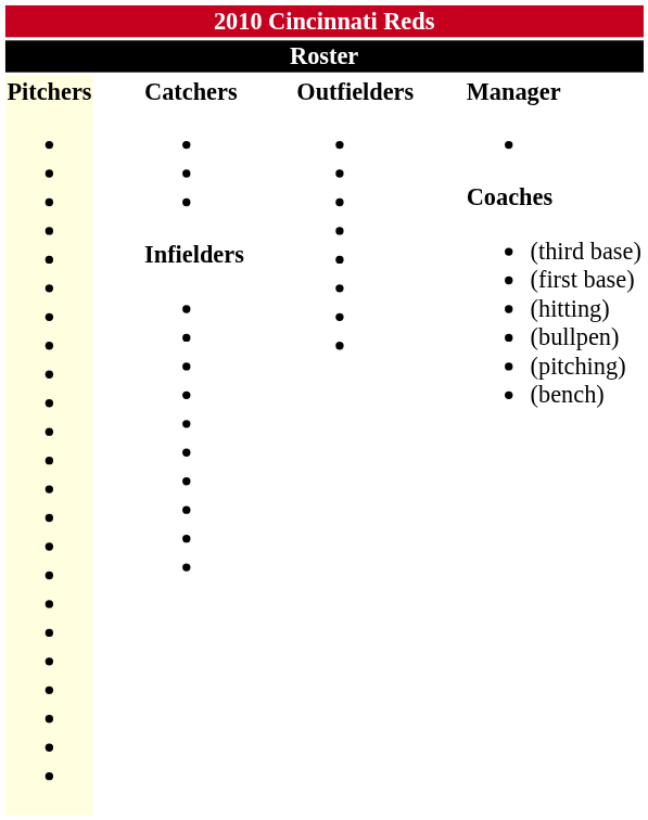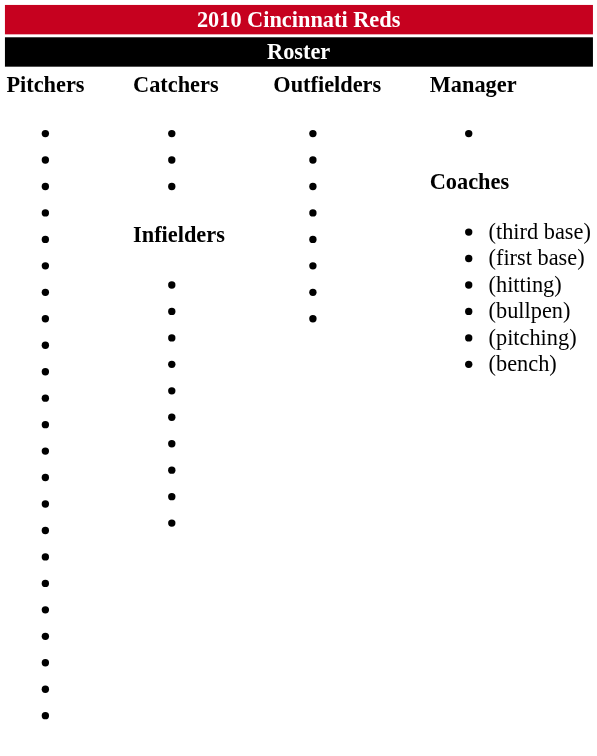 <table class="toccolours" style="font-size: 95%;">
 <tr>
 <th colspan="10" style="background-color: #c6011f; color: #FFFFFF; text-align: center;">2010 Cincinnati Reds</th>
 </tr>
 <tr>
 <td colspan="10" style="background-color: black; color: #FFFFFF; text-align: center;"><strong>Roster</strong></td>
 </tr>
 <tr>
-<td valign="top" style="background: lightyellow;"><strong>Pitchers</strong><br><ul><li></li><li></li><li></li><li></li><li></li><li></li><li></li><li></li><li></li><li></li><li></li><li></li><li></li><li></li><li></li><li></li><li></li><li></li><li></li><li></li><li></li><li></li><li></li></ul></td>
+<td valign="top"><strong>Pitchers</strong><br><ul><li></li><li></li><li></li><li></li><li></li><li></li><li></li><li></li><li></li><li></li><li></li><li></li><li></li><li></li><li></li><li></li><li></li><li></li><li></li><li></li><li></li><li></li><li></li></ul></td>
 <td width="25px"></td>
 <td valign="top"><strong>Catchers</strong><br><ul><li></li><li></li><li></li></ul><strong>Infielders</strong><ul><li></li><li></li><li></li><li></li><li></li><li></li><li></li><li></li><li></li><li></li></ul></td>
 <td width="25px"></td>
 <td valign="top"><strong>Outfielders</strong><br><ul><li></li><li></li><li></li><li></li><li></li><li></li><li></li><li></li></ul></td>
 <td width="25px"></td>
 <td valign="top"><strong>Manager</strong><br><ul><li></li></ul><strong>Coaches</strong><ul><li> (third base)</li><li> (first base)</li><li> (hitting)</li><li> (bullpen)</li><li> (pitching)</li><li> (bench)</li></ul></td>
 </tr>
 </table>
